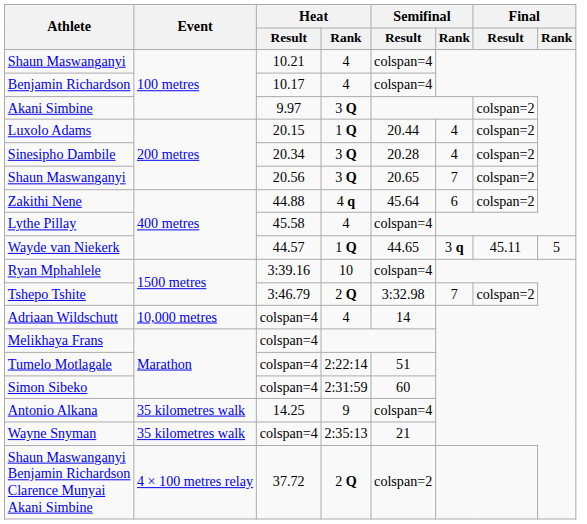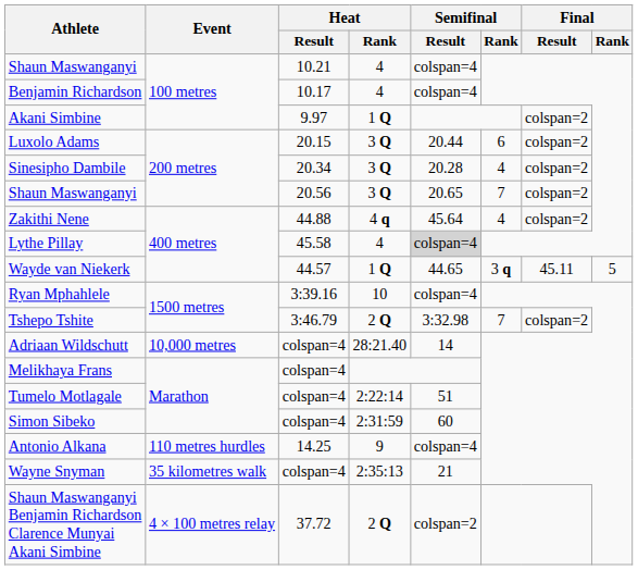 <table class="wikitable" style="font-size:90%">
 <tr>
 <th rowspan="2">Athlete</th>
 <th rowspan="2">Event</th>
 <th colspan="2">Heat</th>
 <th colspan="2">Semifinal</th>
 <th colspan="2">Final</th>
 </tr>
 <tr style="font-size:95%">
 <th>Result</th>
 <th>Rank</th>
 <th>Result</th>
 <th>Rank</th>
 <th>Result</th>
 <th>Rank</th>
 </tr>
 <tr align=center>
 <td align=left><a href='#'>Shaun Maswanganyi</a></td>
 <td align=left rowspan=3><a href='#'>100 metres</a></td>
 <td>10.21</td>
 <td>4</td>
 <td>colspan=4 </td>
 </tr>
 <tr align=center>
 <td align=left><a href='#'>Benjamin Richardson</a></td>
 <td>10.17</td>
 <td>4</td>
 <td>colspan=4 </td>
 </tr>
 <tr align=center>
 <td align=left><a href='#'>Akani Simbine</a></td>
 <td>9.97</td>
-<td>3 <strong>Q</strong></td>
+<td>1 <strong>Q</strong></td>
 <td colspan=2></td>
 <td>colspan=2 </td>
 </tr>
 <tr align=center>
 <td align=left><a href='#'>Luxolo Adams</a></td>
 <td align=left rowspan=3><a href='#'>200 metres</a></td>
 <td>20.15 </td>
-<td>1 <strong>Q</strong></td>
+<td>3 <strong>Q</strong></td>
 <td>20.44</td>
-<td>4</td>
+<td>6</td>
 <td>colspan=2 </td>
 </tr>
 <tr align=center>
 <td align=left><a href='#'>Sinesipho Dambile</a></td>
 <td>20.34</td>
 <td>3 <strong>Q</strong></td>
 <td>20.28 </td>
 <td>4</td>
 <td>colspan=2 </td>
 </tr>
 <tr align=center>
 <td align=left><a href='#'>Shaun Maswanganyi</a></td>
 <td>20.56</td>
 <td>3 <strong>Q</strong></td>
 <td>20.65</td>
 <td>7</td>
 <td>colspan=2 </td>
 </tr>
 <tr align=center>
 <td align=left><a href='#'>Zakithi Nene</a></td>
 <td align=left rowspan=3><a href='#'>400 metres</a></td>
 <td>44.88</td>
 <td>4 <strong>q</strong></td>
 <td>45.64</td>
-<td>6</td>
+<td>4</td>
 <td>colspan=2 </td>
 </tr>
 <tr align=center>
 <td align=left><a href='#'>Lythe Pillay</a></td>
 <td>45.58</td>
 <td>4</td>
-<td>colspan=4 </td>
+<td style="background: lightgrey;">colspan=4 </td>
 </tr>
 <tr align=center>
 <td align=left><a href='#'>Wayde van Niekerk</a></td>
 <td>44.57</td>
 <td>1 <strong>Q</strong></td>
 <td>44.65</td>
 <td>3 <strong>q</strong></td>
 <td>45.11</td>
 <td>5</td>
 </tr>
 <tr align=center>
 <td align=left><a href='#'>Ryan Mphahlele</a></td>
 <td align=left rowspan=2><a href='#'>1500 metres</a></td>
 <td>3:39.16</td>
 <td>10</td>
 <td>colspan=4 </td>
 </tr>
 <tr align=center>
 <td align=left><a href='#'>Tshepo Tshite</a></td>
 <td>3:46.79</td>
 <td>2 <strong>Q</strong></td>
 <td>3:32.98</td>
 <td>7</td>
 <td>colspan=2 </td>
 </tr>
 <tr align=center>
 <td align=left><a href='#'>Adriaan Wildschutt</a></td>
 <td align=left><a href='#'>10,000 metres</a></td>
 <td>colspan=4</td>
-<td>4</td>
+<td>28:21.40</td>
 <td>14</td>
 </tr>
 <tr align=center>
 <td align=left><a href='#'>Melikhaya Frans</a></td>
 <td align=left rowspan=3><a href='#'>Marathon</a></td>
 <td>colspan=4</td>
 <td colspan=2></td>
 </tr>
 <tr align=center>
 <td align=left><a href='#'>Tumelo Motlagale</a></td>
 <td>colspan=4</td>
 <td>2:22:14</td>
 <td>51</td>
 </tr>
 <tr align=center>
 <td align=left><a href='#'>Simon Sibeko</a></td>
 <td>colspan=4</td>
 <td>2:31:59</td>
 <td>60</td>
 </tr>
 <tr align=center>
 <td align=left><a href='#'>Antonio Alkana</a></td>
-<td align=left><a href='#'>35 kilometres walk</a></td>
+<td align=left><a href='#'>110 metres hurdles</a></td>
 <td>14.25</td>
 <td>9</td>
 <td>colspan=4 </td>
 </tr>
 <tr align=center>
 <td align=left><a href='#'>Wayne Snyman</a></td>
 <td align=left><a href='#'>35 kilometres walk</a></td>
 <td>colspan=4</td>
 <td>2:35:13 </td>
 <td>21</td>
 </tr>
 <tr align=center>
 <td align=left><a href='#'>Shaun Maswanganyi</a><br><a href='#'>Benjamin Richardson</a><br><a href='#'>Clarence Munyai</a><br><a href='#'>Akani Simbine</a></td>
 <td align=left><a href='#'>4 × 100 metres relay</a></td>
 <td>37.72 </td>
 <td>2 <strong>Q</strong></td>
 <td>colspan=2</td>
 <td colspan=2></td>
 </tr>
 </table>
